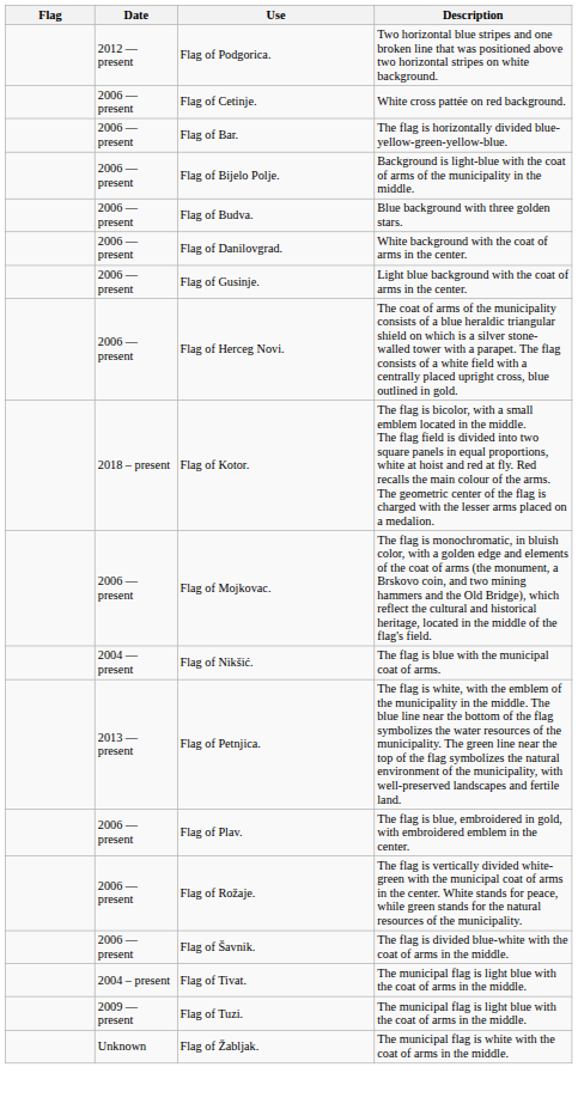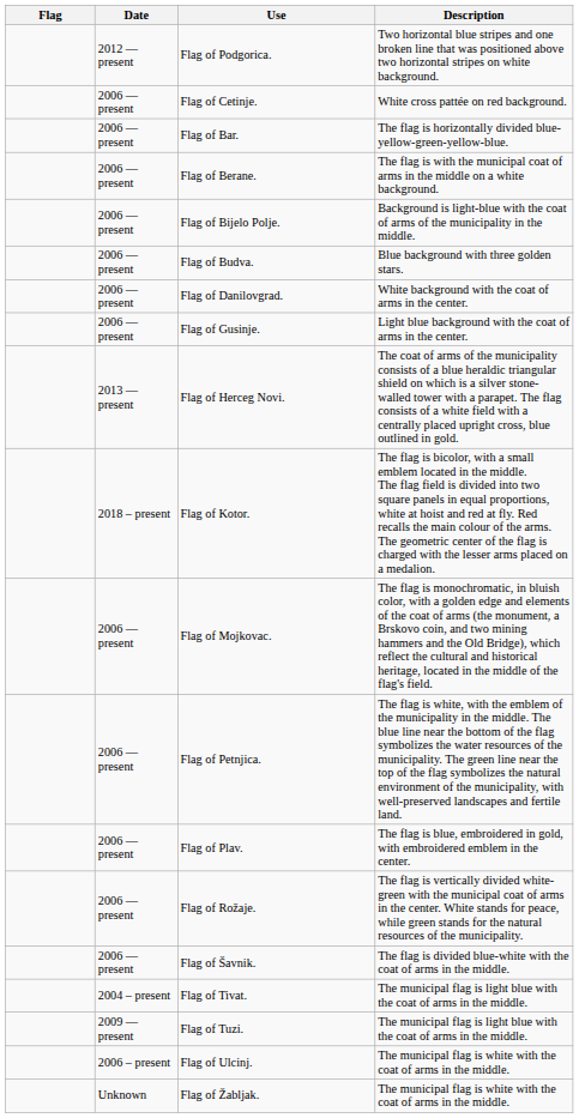 <table class="wikitable">
 <tr>
 <th width="110">Flag</th>
 <th width="100">Date</th>
 <th width="250">Use</th>
 <th width="250">Description</th>
 </tr>
 <tr>
 <td></td>
 <td>2012 — present</td>
 <td>Flag of Podgorica.</td>
 <td>Two horizontal blue stripes and one broken line that was positioned above two horizontal stripes on white background.</td>
 </tr>
 <tr>
 <td></td>
 <td>2006 — present</td>
 <td>Flag of Cetinje.</td>
 <td>White cross pattée on red background.</td>
 </tr>
 <tr>
 <td></td>
 <td>2006 — present</td>
 <td>Flag of Bar.</td>
 <td>The flag is horizontally divided blue-yellow-green-yellow-blue.</td>
 </tr>
 <tr>
 <td></td>
 <td>2006 — present</td>
+<td>Flag of Berane.</td>
+<td>The flag is with the municipal coat of arms in the middle on a white background.</td>
+</tr>
+<tr>
+<td></td>
+<td>2006 — present</td>
 <td>Flag of Bijelo Polje.</td>
 <td>Background is light-blue with the coat of arms of the municipality in the middle.</td>
 </tr>
 <tr>
 <td></td>
 <td>2006 — present</td>
 <td>Flag of Budva.</td>
 <td>Blue background with three golden stars.</td>
 </tr>
 <tr>
 <td></td>
 <td>2006 — present</td>
 <td>Flag of Danilovgrad.</td>
 <td>White background with the coat of arms in the center.</td>
 </tr>
 <tr>
 <td></td>
 <td>2006 — present</td>
 <td>Flag of Gusinje.</td>
 <td>Light blue background with the coat of arms in the center.</td>
 </tr>
 <tr>
 <td></td>
-<td>2006 — present</td>
+<td>2013 — present</td>
 <td>Flag of Herceg Novi.</td>
 <td>The coat of arms of the municipality consists of a blue heraldic triangular shield on which is a silver stone-walled tower with a parapet. The flag consists of a white field with a centrally placed upright cross, blue outlined in gold.</td>
 </tr>
 <tr>
 <td></td>
 <td>2018 – present</td>
 <td>Flag of Kotor.</td>
 <td>The flag is bicolor, with a small emblem located in the middle.<br>The flag field is divided into two square panels in equal proportions, white at hoist and red at fly. Red recalls the main colour of the arms. The geometric center of the flag is charged with the lesser arms placed on a medalion.</td>
 </tr>
 <tr>
 <td></td>
 <td>2006 — present</td>
 <td>Flag of Mojkovac.</td>
 <td>The flag is monochromatic, in bluish color, with a golden edge and elements of the coat of arms (the monument, a Brskovo coin, and two mining hammers and the Old Bridge), which reflect the cultural and historical heritage, located in the middle of the flag's field.</td>
 </tr>
 <tr>
 <td></td>
-<td>2004 — present</td>
-<td>Flag of Nikšić.</td>
-<td>The flag is blue with the municipal coat of arms.</td>
-</tr>
-<tr>
-<td></td>
-<td>2013 — present</td>
+<td>2006 — present</td>
 <td>Flag of Petnjica.</td>
 <td>The flag is white, with the emblem of the municipality in the middle. The blue line near the bottom of the flag symbolizes the water resources of the municipality. The green line near the top of the flag symbolizes the natural environment of the municipality, with well-preserved landscapes and fertile land.</td>
 </tr>
 <tr>
 <td></td>
 <td>2006 — present</td>
 <td>Flag of Plav.</td>
 <td>The flag is blue, embroidered in gold, with embroidered emblem in the center.</td>
 </tr>
 <tr>
 <td></td>
 <td>2006 — present</td>
 <td>Flag of Rožaje.</td>
 <td>The flag is vertically divided white-green with the municipal coat of arms in the center. White stands for peace, while green stands for the natural resources of the municipality.</td>
 </tr>
 <tr>
 <td></td>
 <td>2006 — present</td>
 <td>Flag of Šavnik.</td>
 <td>The flag is divided blue-white with the coat of arms in the middle.</td>
 </tr>
 <tr>
 <td></td>
 <td>2004 – present</td>
 <td>Flag of Tivat.</td>
 <td>The municipal flag is light blue with the coat of arms in the middle.</td>
 </tr>
 <tr>
 <td></td>
 <td>2009 — present</td>
 <td>Flag of Tuzi.</td>
 <td>The municipal flag is light blue with the coat of arms in the middle.</td>
 </tr>
 <tr>
 <td></td>
+<td>2006 – present</td>
+<td>Flag of Ulcinj.</td>
+<td>The municipal flag is white with the coat of arms in the middle.</td>
+</tr>
+<tr>
+<td></td>
 <td>Unknown</td>
 <td>Flag of Žabljak.</td>
 <td>The municipal flag is white with the coat of arms in the middle.</td>
 </tr>
 </table>
